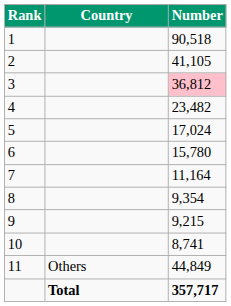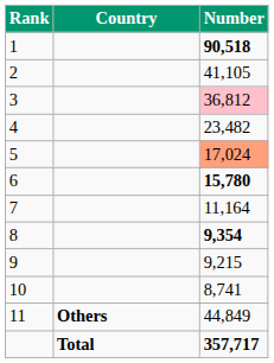 <table class="wikitable">
 <tr>
 </tr>
 <tr style="color:white;">
 <th style="width:5px; background:#00966E;">Rank</th>
 <th style="width:130px; background:#00966E;">Country</th>
 <th style="width:50px; background:#00966E;">Number</th>
 </tr>
 <tr>
 <td>1</td>
 <td></td>
-<td>90,518</td>
+<td><strong>90,518</strong></td>
 </tr>
 <tr>
 <td>2</td>
 <td></td>
 <td>41,105</td>
 </tr>
 <tr>
 <td>3</td>
 <td></td>
 <td style="background: pink;">36,812</td>
 </tr>
 <tr>
 <td>4</td>
 <td></td>
 <td>23,482</td>
 </tr>
 <tr>
 <td>5</td>
 <td></td>
-<td>17,024</td>
+<td style="background: lightsalmon;">17,024</td>
 </tr>
 <tr>
 <td>6</td>
 <td></td>
-<td>15,780</td>
+<td><strong>15,780</strong></td>
 </tr>
 <tr>
 <td>7</td>
 <td></td>
 <td>11,164</td>
 </tr>
 <tr>
 <td>8</td>
 <td></td>
-<td>9,354</td>
+<td><strong>9,354</strong></td>
 </tr>
 <tr>
 <td>9</td>
 <td></td>
 <td>9,215</td>
 </tr>
 <tr>
 <td>10</td>
 <td></td>
 <td>8,741</td>
 </tr>
 <tr>
 <td>11</td>
-<td>Others</td>
+<td><strong>Others</strong></td>
 <td>44,849</td>
 </tr>
 <tr>
 <td></td>
 <td><strong>Total</strong></td>
 <td><strong>357,717</strong></td>
 </tr>
 </table>
